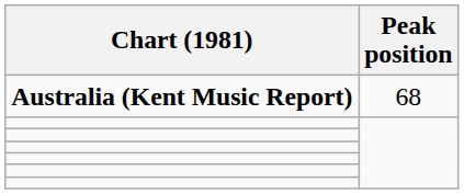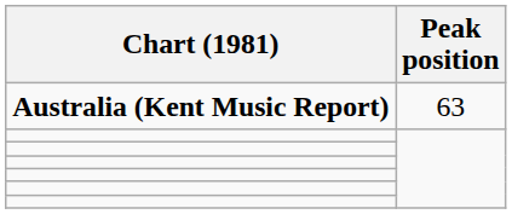 <table class="wikitable sortable">
 <tr>
 <th>Chart (1981)</th>
 <th>Peak<br>position</th>
 </tr>
 <tr>
 <td><strong>Australia (Kent Music Report)</strong></td>
-<td align="center">68</td>
+<td align="center">63</td>
 </tr>
 <tr>
 <td></td>
 </tr>
 <tr>
 <td></td>
 </tr>
 <tr>
 <td></td>
 </tr>
 <tr>
 <td></td>
 </tr>
 <tr>
 <td></td>
 </tr>
 <tr>
 <td></td>
 </tr>
 </table>
